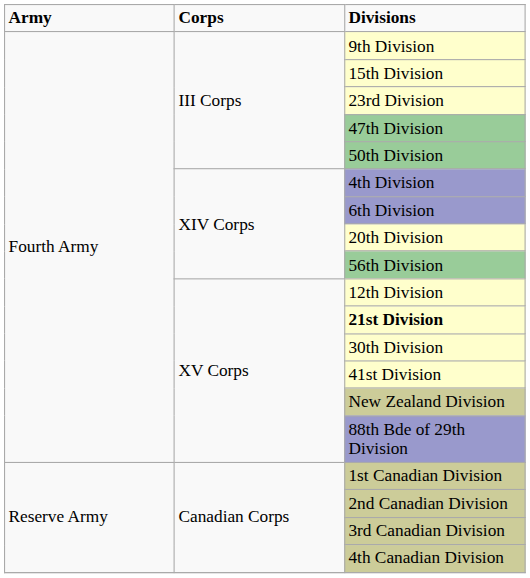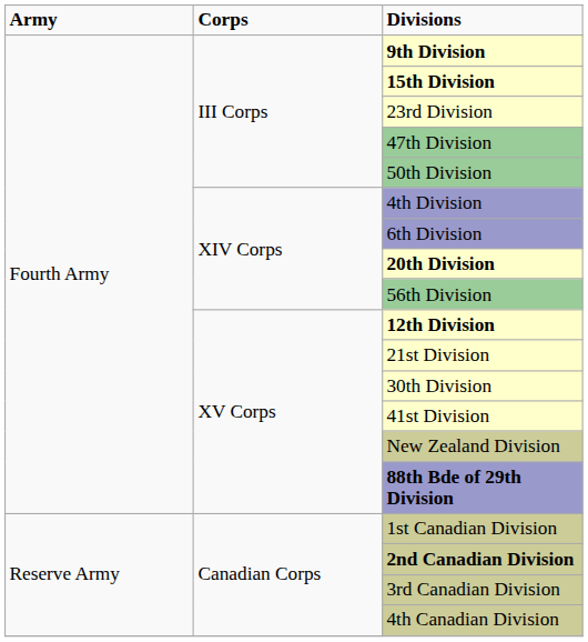 <table class="wikitable">
 <tr>
 <td width="150pt"><strong>Army</strong></td>
 <td width="150pt"><strong>Corps</strong></td>
 <td width="160pt"><strong>Divisions</strong></td>
 </tr>
 <tr>
 <td rowspan="15">Fourth Army</td>
 <td rowspan="5">III Corps</td>
-<td style="background:#FFFFCC;">9th Division</td>
+<td style="background:#FFFFCC;"><strong>9th Division</strong></td>
 </tr>
 <tr>
-<td style="background:#FFFFCC;">15th Division</td>
+<td style="background:#FFFFCC;"><strong>15th Division</strong></td>
 </tr>
 <tr>
 <td style="background:#FFFFCC;">23rd Division</td>
 </tr>
 <tr>
 <td style="background:#99CC99">47th Division</td>
 </tr>
 <tr>
 <td style="background:#99CC99">50th Division</td>
 </tr>
 <tr>
 <td rowspan="4">XIV Corps</td>
 <td style="background:#9999CC">4th Division</td>
 </tr>
 <tr>
 <td style="background:#9999CC">6th Division</td>
 </tr>
 <tr>
-<td style="background:#FFFFCC;">20th Division</td>
+<td style="background:#FFFFCC;"><strong>20th Division</strong></td>
 </tr>
 <tr>
 <td style="background:#99CC99">56th Division</td>
 </tr>
 <tr>
 <td rowspan="6">XV Corps</td>
-<td style="background:#FFFFCC;">12th Division</td>
+<td style="background:#FFFFCC;"><strong>12th Division</strong></td>
 </tr>
 <tr>
-<td style="background:#FFFFCC;"><strong>21st Division</strong></td>
+<td style="background:#FFFFCC;">21st Division</td>
 </tr>
 <tr>
 <td style="background:#FFFFCC;">30th Division</td>
 </tr>
 <tr>
 <td style="background:#FFFFCC;">41st Division</td>
 </tr>
 <tr>
 <td style="background:#CCCC99;">New Zealand Division</td>
 </tr>
 <tr>
-<td style="background:#9999CC;">88th Bde of 29th Division</td>
+<td style="background:#9999CC;"><strong>88th Bde of 29th Division</strong></td>
 </tr>
 <tr>
 <td rowspan="4">Reserve Army</td>
 <td rowspan="4">Canadian Corps</td>
 <td style="background:#CCCC99;">1st Canadian Division</td>
 </tr>
 <tr>
-<td style="background:#CCCC99;">2nd Canadian Division</td>
+<td style="background:#CCCC99;"><strong>2nd Canadian Division</strong></td>
 </tr>
 <tr>
 <td style="background:#CCCC99;">3rd Canadian Division</td>
 </tr>
 <tr>
 <td style="background:#CCCC99;">4th Canadian Division</td>
 </tr>
 <tr>
 </tr>
 </table>
